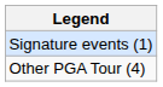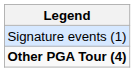 <table class="wikitable" style="font-size:95%;">
 <tr>
 <th>Legend</th>
 </tr>
 <tr style="background:#D6E8FF;">
 <td>Signature events (1)</td>
 </tr>
 <tr>
-<td>Other PGA Tour (4)</td>
+<td><strong>Other PGA Tour (4)</strong></td>
 </tr>
 </table>
